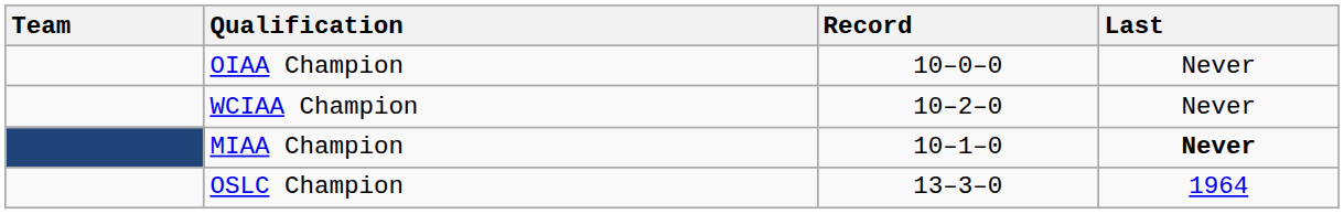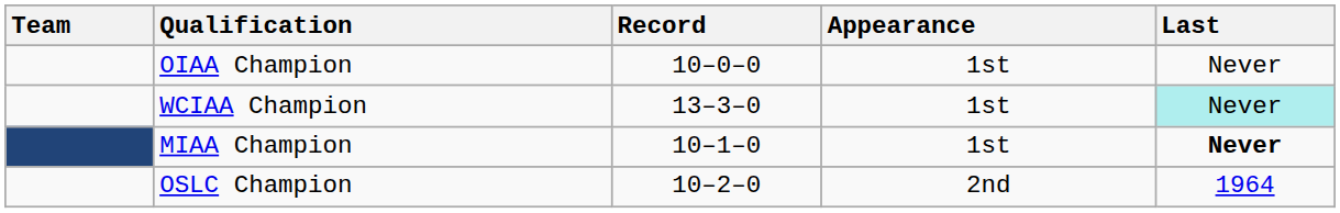 <table class="wikitable sortable" style="text-align: center;" width=700>
 <tr style="background:#efefef; text-align:center">
 <th style="text-align:left">Team</th>
 <th style="text-align:left">Qualification</th>
 <th style="text-align:left">Record</th>
+<th style="text-align:left">Appearance</th>
 <th style="text-align:left">Last</th>
 </tr>
 <tr style="text-align:center">
 <td style="text-align:left; "><a href='#'></a></td>
 <td style="text-align:left"><a href='#'>OIAA</a> Champion</td>
 <td style="text-align:center">10–0–0</td>
+<td style="text-align:center">1st</td>
 <td style="text-align:center">Never</td>
 </tr>
 <tr style="text-align:center">
 <td style="text-align:left; "><a href='#'></a></td>
 <td style="text-align:left"><a href='#'>WCIAA</a> Champion</td>
-<td style="text-align:center">10–2–0</td>
-<td style="text-align:center">Never</td>
+<td style="text-align:center">13–3–0</td>
+<td style="text-align:center">1st</td>
+<td style="background: paleturquoise; text-align:center">Never</td>
 </tr>
 <tr style="text-align:center">
 <td style="text-align:left; color:white; background:#214478; "><a href='#'></a></td>
 <td style="text-align:left"><a href='#'>MIAA</a> Champion</td>
 <td style="text-align:center">10–1–0</td>
+<td style="text-align:center">1st</td>
 <td style="text-align:center"><strong>Never</strong></td>
 </tr>
 <tr style="text-align:center">
 <td style="text-align:left; "><a href='#'></a></td>
 <td style="text-align:left"><a href='#'>OSLC</a> Champion</td>
-<td style="text-align:center">13–3–0</td>
+<td style="text-align:center">10–2–0</td>
+<td style="text-align:center">2nd</td>
 <td style="text-align:center"><a href='#'>1964</a></td>
 </tr>
 </table>
